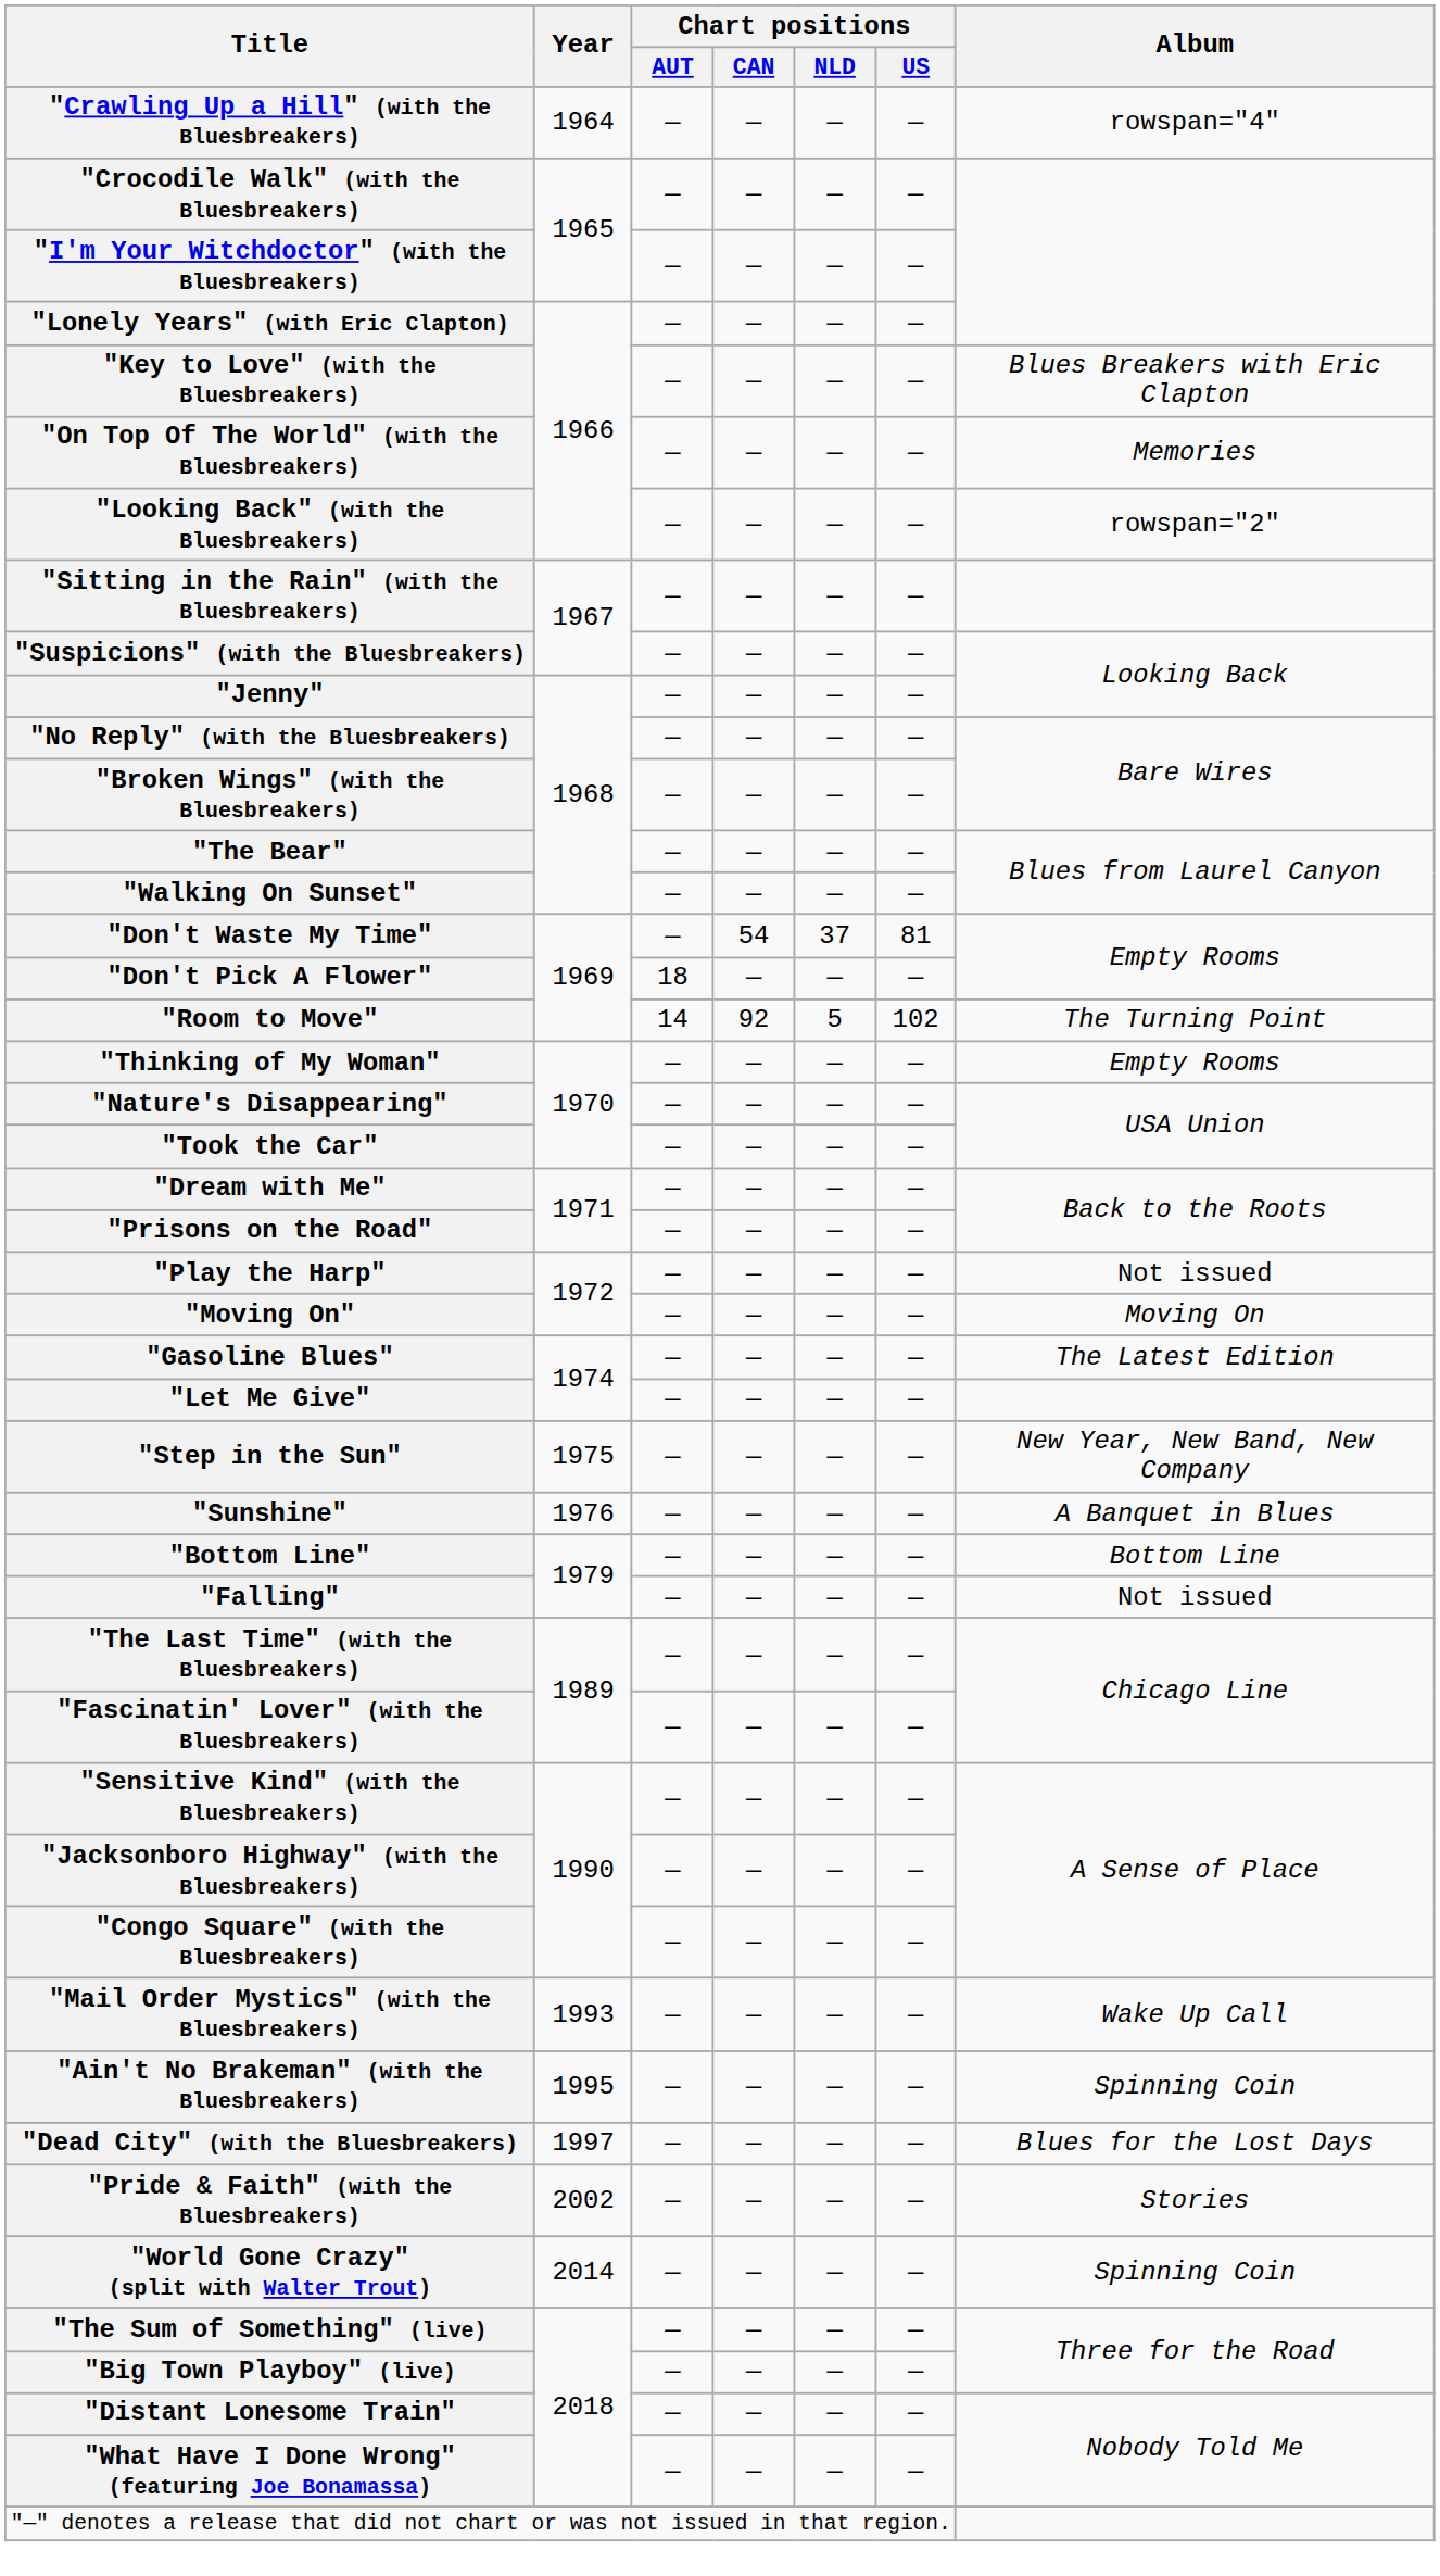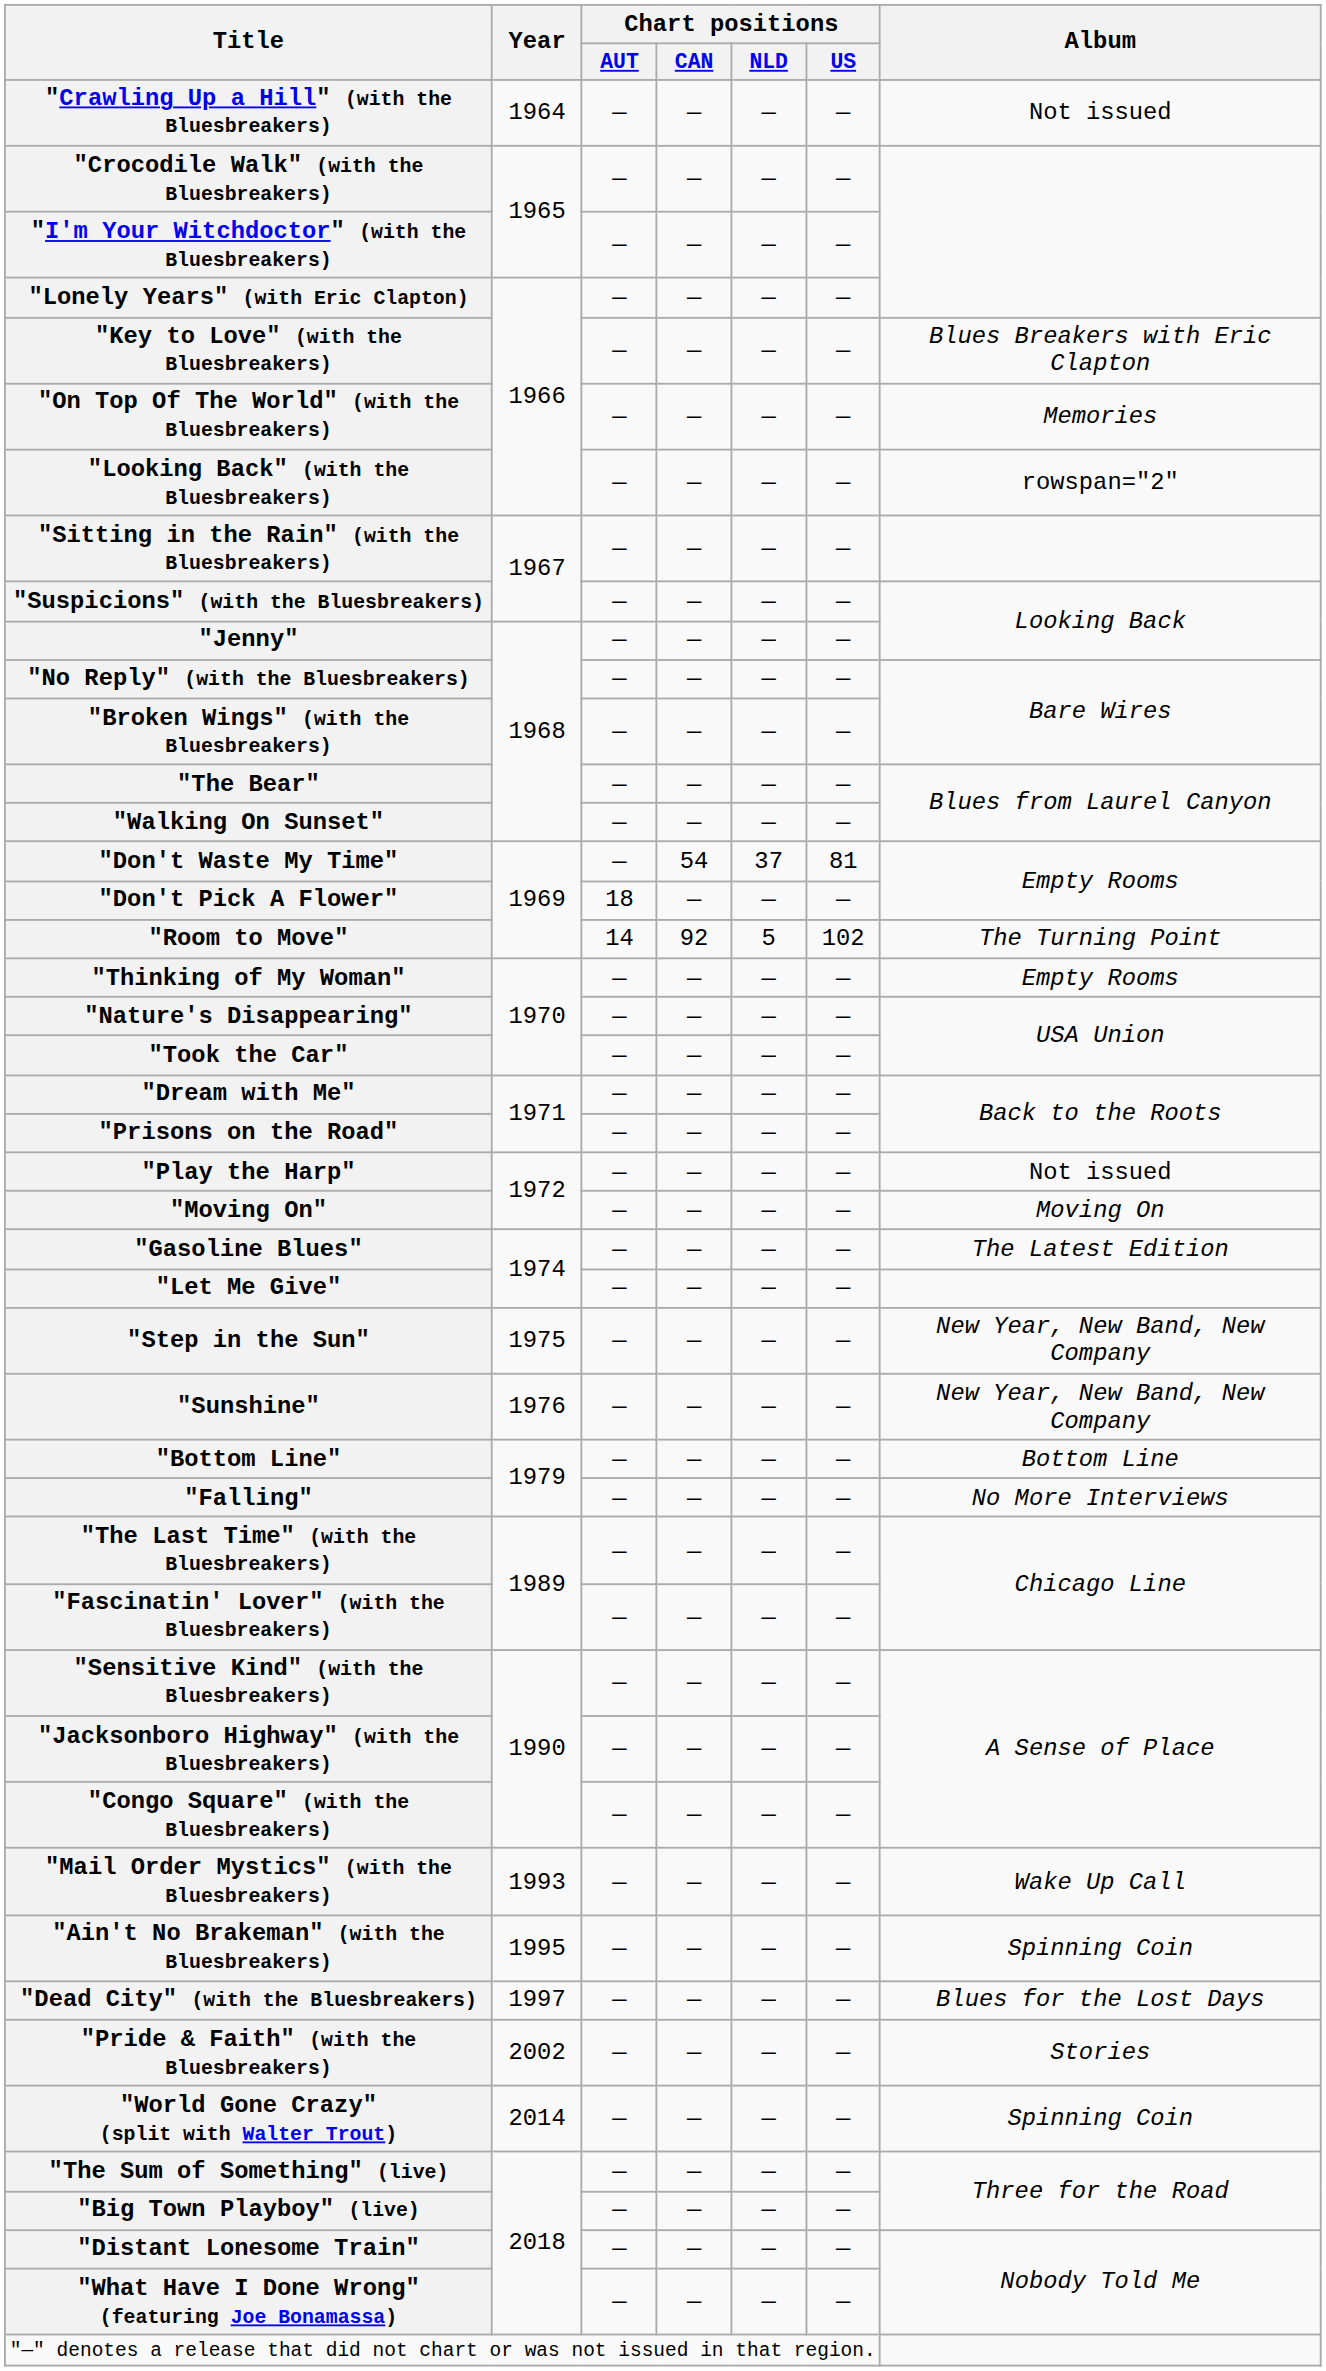 <table class="wikitable plainrowheaders" style="text-align:center;">
 <tr>
 <th scope="col" rowspan="2" style="width:20em;">Title</th>
 <th scope="col" rowspan="2">Year</th>
 <th scope="col" colspan="4">Chart positions</th>
 <th scope="col" rowspan="2" style="width:18em;">Album</th>
 </tr>
 <tr>
 <th scope="col" style="width:3em;font-size:90%;"><a href='#'>AUT</a><br></th>
 <th scope="col" style="width:3em;font-size:90%;"><a href='#'>CAN</a><br></th>
 <th scope="col" style="width:3em;font-size:90%;"><a href='#'>NLD</a><br></th>
 <th scope="col" style="width:3em;font-size:90%;"><a href='#'>US</a><br></th>
 </tr>
 <tr>
 <th scope="row">"<a href='#'>Crawling Up a Hill</a>" <small>(with the Bluesbreakers)</small></th>
 <td>1964</td>
 <td>—</td>
 <td>—</td>
 <td>—</td>
 <td>—</td>
-<td>rowspan="4" </td>
+<td>Not issued</td>
 </tr>
 <tr>
 <th scope="row">"Crocodile Walk" <small>(with the Bluesbreakers)</small></th>
 <td rowspan="2">1965</td>
 <td>—</td>
 <td>—</td>
 <td>—</td>
 <td>—</td>
 </tr>
 <tr>
 <th scope="row">"<a href='#'>I'm Your Witchdoctor</a>" <small>(with the Bluesbreakers)</small></th>
 <td>—</td>
 <td>—</td>
 <td>—</td>
 <td>—</td>
 </tr>
 <tr>
 <th scope="row">"Lonely Years" <small>(with Eric Clapton)</small></th>
 <td rowspan="4">1966</td>
 <td>—</td>
 <td>—</td>
 <td>—</td>
 <td>—</td>
 </tr>
 <tr>
 <th scope="row">"Key to Love" <small>(with the Bluesbreakers)</small></th>
 <td>—</td>
 <td>—</td>
 <td>—</td>
 <td>—</td>
 <td><em>Blues Breakers with Eric Clapton</em></td>
 </tr>
 <tr>
 <th scope="row">"On Top Of The World" <small>(with the Bluesbreakers)</small></th>
 <td>—</td>
 <td>—</td>
 <td>—</td>
 <td>—</td>
 <td><em>Memories</em></td>
 </tr>
 <tr>
 <th scope="row">"Looking Back" <small>(with the Bluesbreakers)</small></th>
 <td>—</td>
 <td>—</td>
 <td>—</td>
 <td>—</td>
 <td>rowspan="2" </td>
 </tr>
 <tr>
 <th scope="row">"Sitting in the Rain" <small>(with the Bluesbreakers)</small></th>
 <td rowspan="2">1967</td>
 <td>—</td>
 <td>—</td>
 <td>—</td>
 <td>—</td>
 </tr>
 <tr>
 <th scope="row">"Suspicions" <small>(with the Bluesbreakers)</small></th>
 <td>—</td>
 <td>—</td>
 <td>—</td>
 <td>—</td>
 <td rowspan="2"><em>Looking Back</em></td>
 </tr>
 <tr>
 <th scope="row">"Jenny"</th>
 <td rowspan="5">1968</td>
 <td>—</td>
 <td>—</td>
 <td>—</td>
 <td>—</td>
 </tr>
 <tr>
 <th scope="row">"No Reply" <small>(with the Bluesbreakers)</small></th>
 <td>—</td>
 <td>—</td>
 <td>—</td>
 <td>—</td>
 <td rowspan="2"><em>Bare Wires</em></td>
 </tr>
 <tr>
 <th scope="row">"Broken Wings" <small>(with the Bluesbreakers)</small></th>
 <td>—</td>
 <td>—</td>
 <td>—</td>
 <td>—</td>
 </tr>
 <tr>
 <th scope="row">"The Bear"</th>
 <td>—</td>
 <td>—</td>
 <td>—</td>
 <td>—</td>
 <td rowspan="2"><em>Blues from Laurel Canyon</em></td>
 </tr>
 <tr>
 <th scope="row">"Walking On Sunset"</th>
 <td>—</td>
 <td>—</td>
 <td>—</td>
 <td>—</td>
 </tr>
 <tr>
 <th scope="row">"Don't Waste My Time"</th>
 <td rowspan="3">1969</td>
 <td>—</td>
 <td>54</td>
 <td>37</td>
 <td>81</td>
 <td rowspan="2"><em>Empty Rooms</em></td>
 </tr>
 <tr>
 <th scope="row">"Don't Pick A Flower"</th>
 <td>18</td>
 <td>—</td>
 <td>—</td>
 <td>—</td>
 </tr>
 <tr>
 <th scope="row">"Room to Move"</th>
 <td>14</td>
 <td>92</td>
 <td>5</td>
 <td>102</td>
 <td><em>The Turning Point</em></td>
 </tr>
 <tr>
 <th scope="row">"Thinking of My Woman"</th>
 <td rowspan="3">1970</td>
 <td>—</td>
 <td>—</td>
 <td>—</td>
 <td>—</td>
 <td><em>Empty Rooms</em></td>
 </tr>
 <tr>
 <th scope="row">"Nature's Disappearing"</th>
 <td>—</td>
 <td>—</td>
 <td>—</td>
 <td>—</td>
 <td rowspan="2"><em>USA Union</em></td>
 </tr>
 <tr>
 <th scope="row">"Took the Car"</th>
 <td>—</td>
 <td>—</td>
 <td>—</td>
 <td>—</td>
 </tr>
 <tr>
 <th scope="row">"Dream with Me"</th>
 <td rowspan="2">1971</td>
 <td>—</td>
 <td>—</td>
 <td>—</td>
 <td>—</td>
 <td rowspan="2"><em>Back to the Roots</em></td>
 </tr>
 <tr>
 <th scope="row">"Prisons on the Road"</th>
 <td>—</td>
 <td>—</td>
 <td>—</td>
 <td>—</td>
 </tr>
 <tr>
 <th scope="row">"Play the Harp"</th>
 <td rowspan="2">1972</td>
 <td>—</td>
 <td>—</td>
 <td>—</td>
 <td>—</td>
 <td>Not issued</td>
 </tr>
 <tr>
 <th scope="row">"Moving On"</th>
 <td>—</td>
 <td>—</td>
 <td>—</td>
 <td>—</td>
 <td><em>Moving On</em></td>
 </tr>
 <tr>
 <th scope="row">"Gasoline Blues"</th>
 <td rowspan="2">1974</td>
 <td>—</td>
 <td>—</td>
 <td>—</td>
 <td>—</td>
 <td><em>The Latest Edition</em></td>
 </tr>
 <tr>
 <th scope="row">"Let Me Give"</th>
 <td>—</td>
 <td>—</td>
 <td>—</td>
 <td>—</td>
 <td></td>
 </tr>
 <tr>
 <th scope="row">"Step in the Sun"</th>
 <td>1975</td>
 <td>—</td>
 <td>—</td>
 <td>—</td>
 <td>—</td>
 <td><em>New Year, New Band, New Company</em></td>
 </tr>
 <tr>
 <th scope="row">"Sunshine"</th>
 <td>1976</td>
 <td>—</td>
 <td>—</td>
 <td>—</td>
 <td>—</td>
-<td><em>A Banquet in Blues</em></td>
+<td><em>New Year, New Band, New Company</em></td>
 </tr>
 <tr>
 <th scope="row">"Bottom Line"</th>
 <td rowspan="2">1979</td>
 <td>—</td>
 <td>—</td>
 <td>—</td>
 <td>—</td>
 <td><em>Bottom Line</em></td>
 </tr>
 <tr>
 <th scope="row">"Falling"</th>
 <td>—</td>
 <td>—</td>
 <td>—</td>
 <td>—</td>
-<td>Not issued</td>
+<td><em>No More Interviews</em></td>
 </tr>
 <tr>
 <th scope="row">"The Last Time" <small>(with the Bluesbreakers)</small></th>
 <td rowspan="2">1989</td>
 <td>—</td>
 <td>—</td>
 <td>—</td>
 <td>—</td>
 <td rowspan="2"><em>Chicago Line</em></td>
 </tr>
 <tr>
 <th scope="row">"Fascinatin' Lover" <small>(with the Bluesbreakers)</small></th>
 <td>—</td>
 <td>—</td>
 <td>—</td>
 <td>—</td>
 </tr>
 <tr>
 <th scope="row">"Sensitive Kind" <small>(with the Bluesbreakers)</small></th>
 <td rowspan="3">1990</td>
 <td>—</td>
 <td>—</td>
 <td>—</td>
 <td>—</td>
 <td rowspan="3"><em>A Sense of Place</em></td>
 </tr>
 <tr>
 <th scope="row">"Jacksonboro Highway" <small>(with the Bluesbreakers)</small></th>
 <td>—</td>
 <td>—</td>
 <td>—</td>
 <td>—</td>
 </tr>
 <tr>
 <th scope="row">"Congo Square" <small>(with the Bluesbreakers)</small></th>
 <td>—</td>
 <td>—</td>
 <td>—</td>
 <td>—</td>
 </tr>
 <tr>
 <th scope="row">"Mail Order Mystics" <small>(with the Bluesbreakers)</small></th>
 <td>1993</td>
 <td>—</td>
 <td>—</td>
 <td>—</td>
 <td>—</td>
 <td><em>Wake Up Call</em></td>
 </tr>
 <tr>
 <th scope="row">"Ain't No Brakeman" <small>(with the Bluesbreakers)</small></th>
 <td>1995</td>
 <td>—</td>
 <td>—</td>
 <td>—</td>
 <td>—</td>
 <td><em>Spinning Coin</em></td>
 </tr>
 <tr>
 <th scope="row">"Dead City" <small>(with the Bluesbreakers)</small></th>
 <td>1997</td>
 <td>—</td>
 <td>—</td>
 <td>—</td>
 <td>—</td>
 <td><em>Blues for the Lost Days</em></td>
 </tr>
 <tr>
 <th scope="row">"Pride & Faith" <small>(with the Bluesbreakers)</small></th>
 <td>2002</td>
 <td>—</td>
 <td>—</td>
 <td>—</td>
 <td>—</td>
 <td><em>Stories</em></td>
 </tr>
 <tr>
 <th scope="row">"World Gone Crazy"<br><small>(split with <a href='#'>Walter Trout</a>)</small></th>
 <td>2014</td>
 <td>—</td>
 <td>—</td>
 <td>—</td>
 <td>—</td>
 <td><em>Spinning Coin</em></td>
 </tr>
 <tr>
 <th scope="row">"The Sum of Something" <small>(live)</small></th>
 <td rowspan="4">2018</td>
 <td>—</td>
 <td>—</td>
 <td>—</td>
 <td>—</td>
 <td rowspan="2"><em>Three for the Road</em></td>
 </tr>
 <tr>
 <th scope="row">"Big Town Playboy" <small>(live)</small></th>
 <td>—</td>
 <td>—</td>
 <td>—</td>
 <td>—</td>
 </tr>
 <tr>
 <th scope="row">"Distant Lonesome Train"</th>
 <td>—</td>
 <td>—</td>
 <td>—</td>
 <td>—</td>
 <td rowspan="2"><em>Nobody Told Me</em></td>
 </tr>
 <tr>
 <th scope="row">"What Have I Done Wrong"<br><small>(featuring <a href='#'>Joe Bonamassa</a>)</small></th>
 <td>—</td>
 <td>—</td>
 <td>—</td>
 <td>—</td>
 </tr>
 <tr>
 <td align="center" colspan="6" style="font-size: 8pt">"—" denotes a release that did not chart or was not issued in that region.</td>
 </tr>
 </table>
